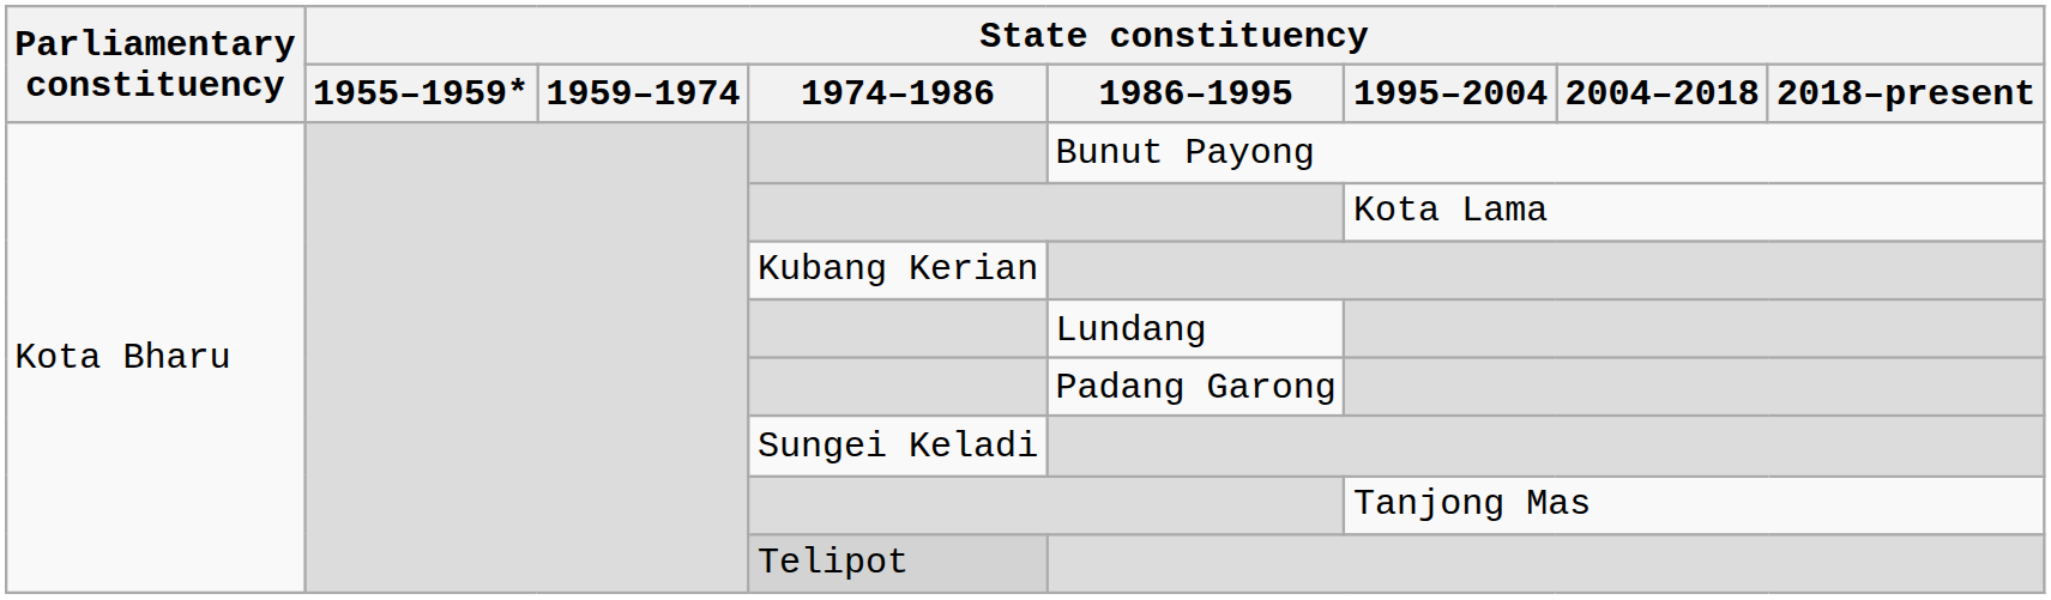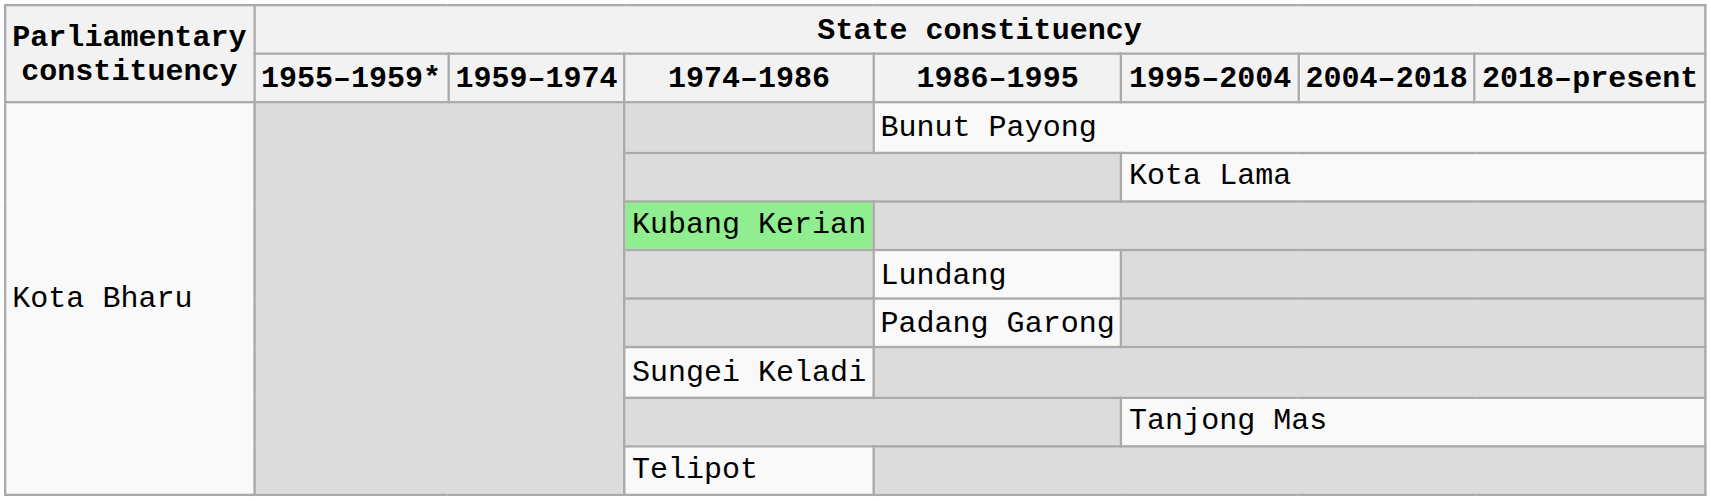 <table class="wikitable">
 <tr>
 <th rowspan="2">Parliamentary<br>constituency</th>
 <th colspan="7">State constituency</th>
 </tr>
 <tr>
 <th>1955–1959*</th>
 <th>1959–1974</th>
 <th>1974–1986</th>
 <th>1986–1995</th>
 <th>1995–2004</th>
 <th>2004–2018</th>
 <th>2018–present</th>
 </tr>
 <tr>
 <td rowspan="8">Kota Bharu</td>
 <td colspan="2" rowspan="8" bgcolor="dcdcdc"></td>
 <td bgcolor="dcdcdc"></td>
 <td colspan="4">Bunut Payong</td>
 </tr>
 <tr>
 <td colspan="2" bgcolor="dcdcdc"></td>
 <td colspan="3">Kota Lama</td>
 </tr>
 <tr>
-<td>Kubang Kerian</td>
+<td style="background: lightgreen;">Kubang Kerian</td>
 <td colspan="4" bgcolor="dcdcdc"></td>
 </tr>
 <tr>
 <td bgcolor="dcdcdc"></td>
 <td>Lundang</td>
 <td colspan="3" bgcolor="dcdcdc"></td>
 </tr>
 <tr>
 <td bgcolor="dcdcdc"></td>
 <td>Padang Garong</td>
 <td colspan="3" bgcolor="dcdcdc"></td>
 </tr>
 <tr>
 <td>Sungei Keladi</td>
 <td colspan="4" bgcolor="dcdcdc"></td>
 </tr>
 <tr>
 <td colspan="2" bgcolor="dcdcdc"></td>
 <td colspan="3">Tanjong Mas</td>
 </tr>
 <tr>
-<td style="background: lightgrey;">Telipot</td>
+<td>Telipot</td>
 <td colspan="4" bgcolor="dcdcdc"></td>
 </tr>
 </table>
